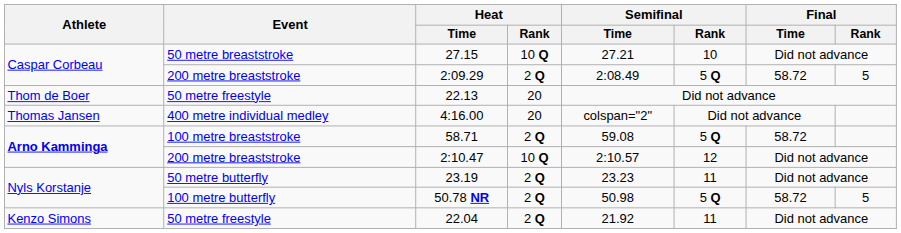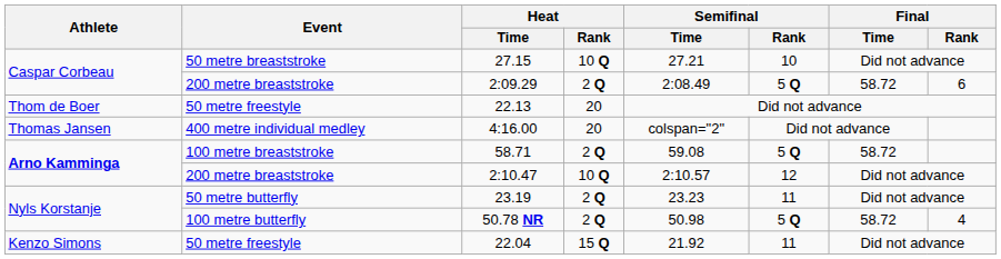 <table class="wikitable" style="text-align:center; font-size:90%; width:50%;">
 <tr>
 <th rowspan="2">Athlete</th>
 <th rowspan="2">Event</th>
 <th colspan="2">Heat</th>
 <th colspan="2">Semifinal</th>
 <th colspan="2">Final</th>
 </tr>
 <tr style="font-size:95%">
 <th>Time</th>
 <th>Rank</th>
 <th>Time</th>
 <th>Rank</th>
 <th>Time</th>
 <th>Rank</th>
 </tr>
 <tr>
 <td align=left rowspan=2><a href='#'>Caspar Corbeau</a></td>
 <td align=left><a href='#'>50 metre breaststroke</a></td>
 <td>27.15</td>
 <td>10 <strong>Q</strong></td>
 <td>27.21</td>
 <td>10</td>
 <td colspan="2">Did not advance</td>
 </tr>
 <tr>
 <td align=left><a href='#'>200 metre breaststroke</a></td>
 <td>2:09.29</td>
 <td>2 <strong>Q</strong></td>
 <td>2:08.49</td>
 <td>5 <strong>Q</strong></td>
 <td>58.72</td>
-<td>5</td>
+<td>6</td>
 </tr>
 <tr>
 <td align=left><a href='#'>Thom de Boer</a></td>
 <td align=left><a href='#'>50 metre freestyle</a></td>
 <td>22.13</td>
 <td>20</td>
 <td colspan=4>Did not advance</td>
 </tr>
 <tr>
 <td align=left><a href='#'>Thomas Jansen</a></td>
 <td align=left><a href='#'>400 metre individual medley</a></td>
 <td>4:16.00</td>
 <td>20</td>
 <td>colspan="2" </td>
 <td colspan="2">Did not advance</td>
 </tr>
 <tr>
 <td align=left rowspan=2><strong><a href='#'>Arno Kamminga</a></strong></td>
 <td align=left><a href='#'>100 metre breaststroke</a></td>
 <td>58.71</td>
 <td>2 <strong>Q</strong></td>
 <td>59.08</td>
 <td>5 <strong>Q</strong></td>
 <td>58.72</td>
 <td></td>
 </tr>
 <tr>
 <td align=left><a href='#'>200 metre breaststroke</a></td>
 <td>2:10.47</td>
 <td>10 <strong>Q</strong></td>
 <td>2:10.57</td>
 <td>12</td>
 <td colspan="2">Did not advance</td>
 </tr>
 <tr>
 <td align=left rowspan=2><a href='#'>Nyls Korstanje</a></td>
 <td align=left><a href='#'>50 metre butterfly</a></td>
 <td>23.19</td>
 <td>2 <strong>Q</strong></td>
 <td>23.23</td>
 <td>11</td>
 <td colspan="2">Did not advance</td>
 </tr>
 <tr>
 <td align=left><a href='#'>100 metre butterfly</a></td>
 <td>50.78 <strong><a href='#'>NR</a></strong></td>
 <td>2 <strong>Q</strong></td>
 <td>50.98</td>
 <td>5 <strong>Q</strong></td>
 <td>58.72</td>
-<td>5</td>
+<td>4</td>
 </tr>
 <tr>
 <td align=left><a href='#'>Kenzo Simons</a></td>
 <td align=left><a href='#'>50 metre freestyle</a></td>
 <td>22.04</td>
-<td>2 <strong>Q</strong></td>
+<td>15 <strong>Q</strong></td>
 <td>21.92</td>
 <td>11</td>
 <td colspan="2">Did not advance</td>
 </tr>
 </table>
